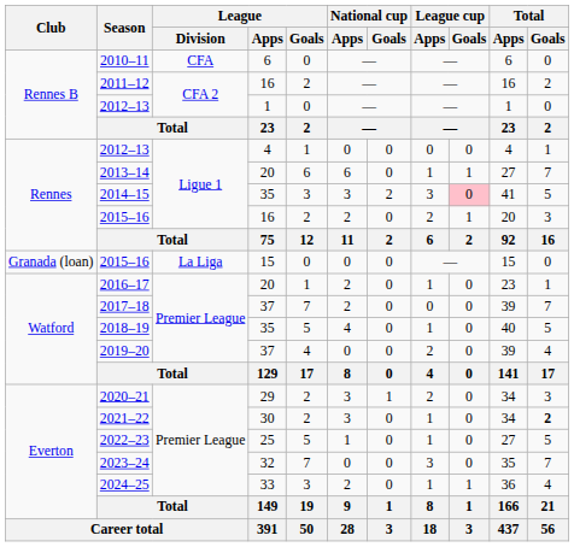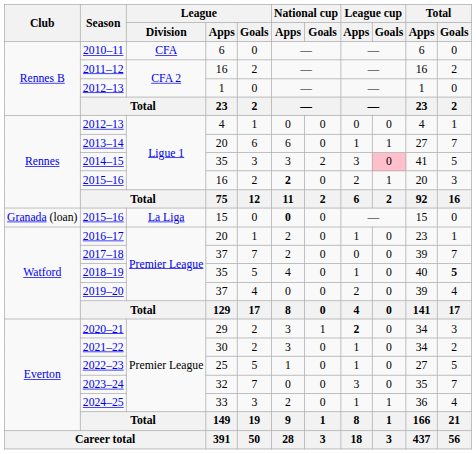 <table class="wikitable" style="text-align:center">
 <tr>
 <th rowspan="2">Club</th>
 <th rowspan="2">Season</th>
 <th colspan="3">League</th>
 <th colspan="2">National cup</th>
 <th colspan="2">League cup</th>
 <th colspan="2">Total</th>
 </tr>
 <tr>
 <th>Division</th>
 <th>Apps</th>
 <th>Goals</th>
 <th>Apps</th>
 <th>Goals</th>
 <th>Apps</th>
 <th>Goals</th>
 <th>Apps</th>
 <th>Goals</th>
 </tr>
 <tr>
 <td rowspan="4"><a href='#'>Rennes B</a></td>
 <td><a href='#'>2010–11</a></td>
 <td><a href='#'>CFA</a></td>
 <td>6</td>
 <td>0</td>
 <td colspan="2">—</td>
 <td colspan="2">—</td>
 <td>6</td>
 <td>0</td>
 </tr>
 <tr>
 <td><a href='#'>2011–12</a></td>
 <td rowspan="2"><a href='#'>CFA 2</a></td>
 <td>16</td>
 <td>2</td>
 <td colspan="2">—</td>
 <td colspan="2">—</td>
 <td>16</td>
 <td>2</td>
 </tr>
 <tr>
 <td><a href='#'>2012–13</a></td>
 <td>1</td>
 <td>0</td>
 <td colspan="2">—</td>
 <td colspan="2">—</td>
 <td>1</td>
 <td>0</td>
 </tr>
 <tr>
 <th colspan="2">Total</th>
 <th>23</th>
 <th>2</th>
 <th colspan="2">—</th>
 <th colspan="2">—</th>
 <th>23</th>
 <th>2</th>
 </tr>
 <tr>
 <td rowspan="5"><a href='#'>Rennes</a></td>
 <td><a href='#'>2012–13</a></td>
 <td rowspan="4"><a href='#'>Ligue 1</a></td>
 <td>4</td>
 <td>1</td>
 <td>0</td>
 <td>0</td>
 <td>0</td>
 <td>0</td>
 <td>4</td>
 <td>1</td>
 </tr>
 <tr>
 <td><a href='#'>2013–14</a></td>
 <td>20</td>
 <td>6</td>
 <td>6</td>
 <td>0</td>
 <td>1</td>
 <td>1</td>
 <td>27</td>
 <td>7</td>
 </tr>
 <tr>
 <td><a href='#'>2014–15</a></td>
 <td>35</td>
 <td>3</td>
 <td>3</td>
 <td>2</td>
 <td>3</td>
 <td style="background: pink;">0</td>
 <td>41</td>
 <td>5</td>
 </tr>
 <tr>
 <td><a href='#'>2015–16</a></td>
 <td>16</td>
 <td>2</td>
-<td>2</td>
+<td><strong>2</strong></td>
 <td>0</td>
 <td>2</td>
 <td>1</td>
 <td>20</td>
 <td>3</td>
 </tr>
 <tr>
 <th colspan="2">Total</th>
 <th>75</th>
 <th>12</th>
 <th>11</th>
 <th>2</th>
 <th>6</th>
 <th>2</th>
 <th>92</th>
 <th>16</th>
 </tr>
 <tr>
 <td><a href='#'>Granada</a> (loan)</td>
 <td><a href='#'>2015–16</a></td>
 <td><a href='#'>La Liga</a></td>
 <td>15</td>
 <td>0</td>
-<td>0</td>
+<td><strong>0</strong></td>
 <td>0</td>
 <td colspan="2">—</td>
 <td>15</td>
 <td>0</td>
 </tr>
 <tr>
 <td rowspan="5"><a href='#'>Watford</a></td>
 <td><a href='#'>2016–17</a></td>
 <td rowspan="4"><a href='#'>Premier League</a></td>
 <td>20</td>
 <td>1</td>
 <td>2</td>
 <td>0</td>
 <td>1</td>
 <td>0</td>
 <td>23</td>
 <td>1</td>
 </tr>
 <tr>
 <td><a href='#'>2017–18</a></td>
 <td>37</td>
 <td>7</td>
 <td>2</td>
 <td>0</td>
 <td>0</td>
 <td>0</td>
 <td>39</td>
 <td>7</td>
 </tr>
 <tr>
 <td><a href='#'>2018–19</a></td>
 <td>35</td>
 <td>5</td>
 <td>4</td>
 <td>0</td>
 <td>1</td>
 <td>0</td>
 <td>40</td>
-<td>5</td>
+<td><strong>5</strong></td>
 </tr>
 <tr>
 <td><a href='#'>2019–20</a></td>
 <td>37</td>
 <td>4</td>
 <td>0</td>
 <td>0</td>
 <td>2</td>
 <td>0</td>
 <td>39</td>
 <td>4</td>
 </tr>
 <tr>
 <th colspan="2">Total</th>
 <th>129</th>
 <th>17</th>
 <th>8</th>
 <th>0</th>
 <th>4</th>
 <th>0</th>
 <th>141</th>
 <th>17</th>
 </tr>
 <tr>
 <td rowspan="6"><a href='#'>Everton</a></td>
 <td><a href='#'>2020–21</a></td>
 <td rowspan="5">Premier League</td>
 <td>29</td>
 <td>2</td>
 <td>3</td>
 <td>1</td>
-<td>2</td>
+<td><strong>2</strong></td>
 <td>0</td>
 <td>34</td>
 <td>3</td>
 </tr>
 <tr>
 <td><a href='#'>2021–22</a></td>
 <td>30</td>
 <td>2</td>
 <td>3</td>
 <td>0</td>
 <td>1</td>
 <td>0</td>
 <td>34</td>
-<td><strong>2</strong></td>
+<td>2</td>
 </tr>
 <tr>
 <td><a href='#'>2022–23</a></td>
 <td>25</td>
 <td>5</td>
 <td>1</td>
 <td>0</td>
 <td>1</td>
 <td>0</td>
 <td>27</td>
 <td>5</td>
 </tr>
 <tr>
 <td><a href='#'>2023–24</a></td>
 <td>32</td>
 <td>7</td>
 <td>0</td>
 <td>0</td>
 <td>3</td>
 <td>0</td>
 <td>35</td>
 <td>7</td>
 </tr>
 <tr>
 <td><a href='#'>2024–25</a></td>
 <td>33</td>
 <td>3</td>
 <td>2</td>
 <td>0</td>
 <td>1</td>
 <td>1</td>
 <td>36</td>
 <td>4</td>
 </tr>
 <tr>
 <th colspan="2">Total</th>
 <th>149</th>
 <th>19</th>
 <th>9</th>
 <th>1</th>
 <th>8</th>
 <th>1</th>
 <th>166</th>
 <th>21</th>
 </tr>
 <tr>
 <th colspan="3">Career total</th>
 <th>391</th>
 <th>50</th>
 <th>28</th>
 <th>3</th>
 <th>18</th>
 <th>3</th>
 <th>437</th>
 <th>56</th>
 </tr>
 </table>
